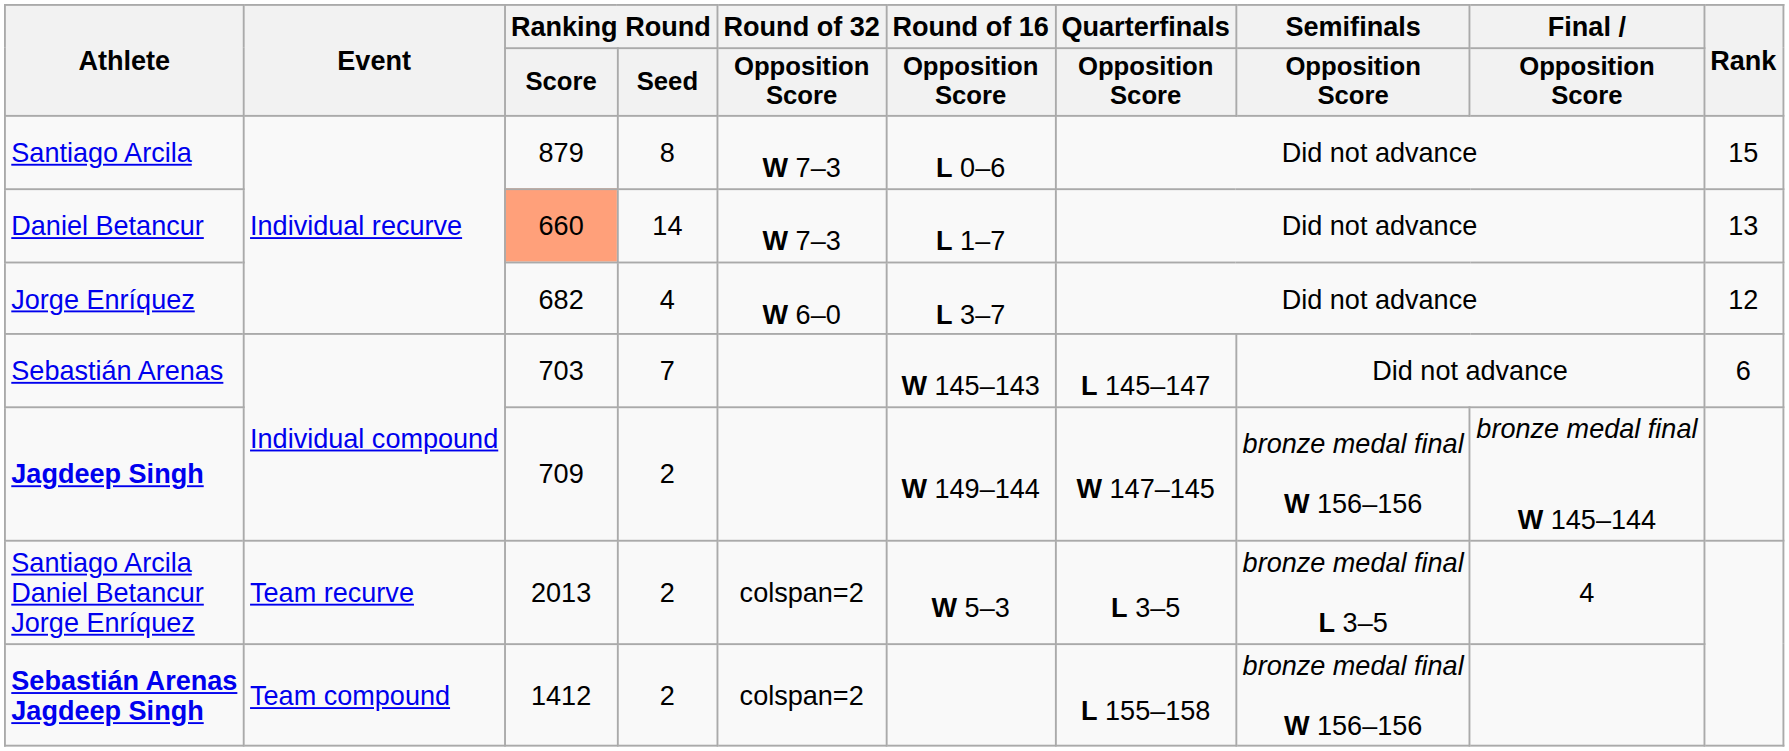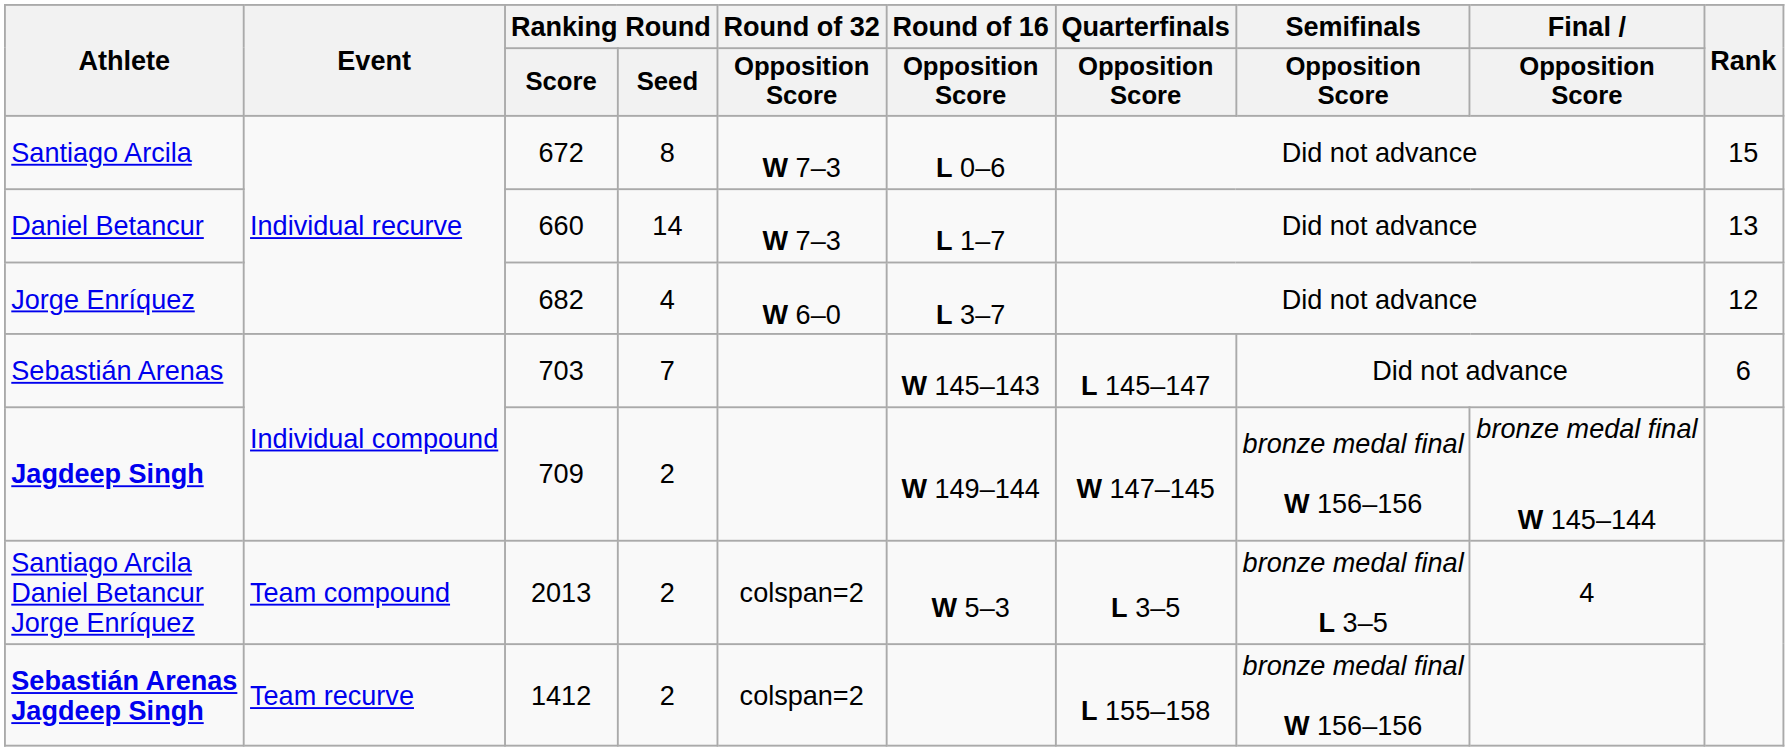 <table class="wikitable" style="font-size:90%">
 <tr>
 <th rowspan="2">Athlete</th>
 <th rowspan="2">Event</th>
 <th colspan="2">Ranking Round</th>
 <th>Round of 32</th>
 <th>Round of 16</th>
 <th>Quarterfinals</th>
 <th>Semifinals</th>
 <th>Final / </th>
 <th rowspan="2">Rank</th>
 </tr>
 <tr style="font-size:95%">
 <th>Score</th>
 <th>Seed</th>
 <th>Opposition<br>Score</th>
 <th>Opposition<br>Score</th>
 <th>Opposition<br>Score</th>
 <th>Opposition<br>Score</th>
 <th>Opposition<br>Score</th>
 </tr>
 <tr align=center>
 <td align=left><a href='#'>Santiago Arcila</a></td>
 <td align=left rowspan=3><a href='#'>Individual recurve</a></td>
-<td>879</td>
+<td>672</td>
 <td>8</td>
 <td><br><strong>W</strong> 7–3</td>
 <td><br><strong>L</strong> 0–6</td>
 <td colspan=3>Did not advance</td>
 <td>15</td>
 </tr>
 <tr align=center>
 <td align=left><a href='#'>Daniel Betancur</a></td>
-<td style="background: lightsalmon;">660</td>
+<td>660</td>
 <td>14</td>
 <td><br><strong>W</strong> 7–3</td>
 <td><br> <strong>L</strong>  1–7</td>
 <td colspan=3>Did not advance</td>
 <td>13</td>
 </tr>
 <tr align=center>
 <td align=left><a href='#'>Jorge Enríquez</a></td>
 <td>682</td>
 <td>4</td>
 <td><br><strong>W</strong> 6–0</td>
 <td><br><strong>L</strong> 3–7</td>
 <td colspan=3>Did not advance</td>
 <td>12</td>
 </tr>
 <tr align=center>
 <td align=left><a href='#'>Sebastián Arenas</a></td>
 <td align=left rowspan=2><a href='#'>Individual compound</a></td>
 <td>703</td>
 <td>7</td>
 <td></td>
 <td><br> <strong>W</strong> 145–143</td>
 <td><br> <strong>L</strong> 145–147</td>
 <td colspan=2>Did not advance</td>
 <td>6</td>
 </tr>
 <tr align=center>
 <td align=left><strong><a href='#'>Jagdeep Singh</a></strong></td>
 <td>709</td>
 <td>2</td>
 <td></td>
 <td><br> <strong>W</strong> 149–144</td>
 <td><br> <strong>W</strong> 147–145</td>
 <td><em>bronze medal final</em><br><br> <strong>W</strong> 156–156</td>
 <td><em>bronze medal final</em><br><br><br> <strong>W</strong> 145–144</td>
 <td></td>
 </tr>
 <tr align=center>
 <td align=left><a href='#'>Santiago Arcila</a><br><a href='#'>Daniel Betancur</a><br><a href='#'>Jorge Enríquez</a></td>
-<td align=left><a href='#'>Team recurve</a></td>
+<td align=left><a href='#'>Team compound</a></td>
 <td>2013</td>
 <td>2</td>
 <td>colspan=2 </td>
 <td><br> <strong>W</strong> 5–3</td>
 <td><br> <strong>L</strong> 3–5</td>
 <td><em>bronze medal final</em><br><br> <strong>L</strong> 3–5</td>
 <td>4</td>
 </tr>
 <tr align=center>
 <td align=left><strong><a href='#'>Sebastián Arenas</a><br><a href='#'>Jagdeep Singh</a></strong></td>
-<td align=left><a href='#'>Team compound</a></td>
+<td align=left><a href='#'>Team recurve</a></td>
 <td>1412</td>
 <td>2</td>
 <td>colspan=2 </td>
 <td></td>
 <td><br> <strong>L</strong> 155–158</td>
 <td><em>bronze medal final</em><br><br> <strong>W</strong> 156–156</td>
 <td></td>
 </tr>
 </table>
